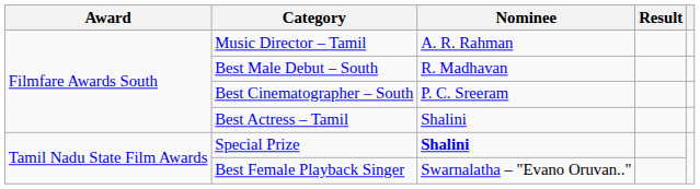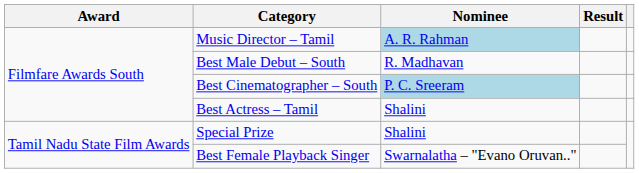 <table class="wikitable">
 <tr>
 <th>Award</th>
 <th>Category</th>
 <th>Nominee</th>
 <th>Result</th>
 <th></th>
 </tr>
 <tr>
 <td rowspan="4"><a href='#'>Filmfare Awards South</a></td>
 <td><a href='#'>Music Director – Tamil</a></td>
-<td><a href='#'>A. R. Rahman</a></td>
+<td style="background: lightblue;"><a href='#'>A. R. Rahman</a></td>
 <td></td>
 <td style="text-align: center;"><br></td>
 </tr>
 <tr>
 <td><a href='#'>Best Male Debut – South</a></td>
 <td><a href='#'>R. Madhavan</a></td>
 <td></td>
 <td style="text-align: center;"></td>
 </tr>
 <tr>
 <td><a href='#'>Best Cinematographer – South</a></td>
-<td><a href='#'>P. C. Sreeram</a></td>
+<td style="background: lightblue;"><a href='#'>P. C. Sreeram</a></td>
 <td></td>
 <td style="text-align: center;"></td>
 </tr>
 <tr>
 <td><a href='#'>Best Actress – Tamil</a></td>
 <td><a href='#'>Shalini</a></td>
 <td></td>
 <td style="text-align: center;"></td>
 </tr>
 <tr>
 <td rowspan="2"><a href='#'>Tamil Nadu State Film Awards</a></td>
 <td><a href='#'>Special Prize</a></td>
-<td><strong><a href='#'>Shalini</a></strong></td>
+<td><a href='#'>Shalini</a></td>
 <td></td>
 <td style="text-align: center;" rowspan="2"></td>
 </tr>
 <tr>
 <td><a href='#'>Best Female Playback Singer</a></td>
 <td><a href='#'>Swarnalatha</a> – "Evano Oruvan.."</td>
 <td></td>
 </tr>
 </table>
